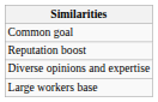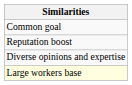 <table class="wikitable">
 <tr>
 <th>Similarities</th>
 </tr>
 <tr>
 <td>Common goal</td>
 </tr>
 <tr>
 <td>Reputation boost</td>
 </tr>
 <tr>
 <td>Diverse opinions and expertise</td>
 </tr>
 <tr>
-<td>Large workers base</td>
+<td style="background: lightyellow;">Large workers base</td>
 </tr>
 </table>
